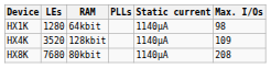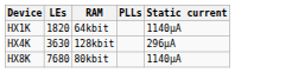 <table class="wikitable floatright">
 <tr>
 <th>Device</th>
 <th>LEs</th>
 <th>RAM</th>
 <th>PLLs</th>
 <th>Static current</th>
-<th>Max. I/Os</th>
 </tr>
 <tr>
 <td>HX1K</td>
-<td> 1280</td>
+<td> 1820</td>
 <td> 64kbit</td>
 <td></td>
 <td> 1140μA</td>
-<td> 98<br> </td>
 </tr>
 <tr>
 <td>HX4K</td>
-<td> 3520</td>
+<td> 3630</td>
 <td> 128kbit</td>
 <td></td>
-<td> 1140μA</td>
-<td> 109<br> </td>
+<td> 296μA</td>
 </tr>
 <tr>
 <td>HX8K</td>
 <td> 7680</td>
 <td> 80kbit</td>
 <td></td>
 <td> 1140μA</td>
-<td> 208<br> </td>
 </tr>
 </table>
